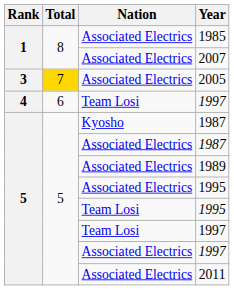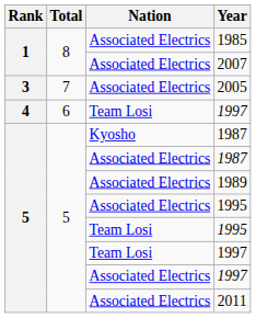 <table class="wikitable">
 <tr>
 <th>Rank</th>
 <th>Total</th>
 <th>Nation</th>
 <th>Year</th>
 </tr>
 <tr>
 <th rowspan="2">1</th>
 <td rowspan="2" style="text-align:center;">8</td>
 <td> <a href='#'>Associated Electrics</a></td>
 <td style="text-align:center;">1985</td>
 </tr>
 <tr>
 <td> <a href='#'>Associated Electrics</a></td>
 <td style="text-align:center;">2007</td>
 </tr>
 <tr>
 <th>3</th>
-<td style="background: gold; text-align:center;">7</td>
+<td style="text-align:center;">7</td>
 <td> <a href='#'>Associated Electrics</a></td>
 <td style="text-align:center;">2005</td>
 </tr>
 <tr>
 <th>4</th>
 <td style="text-align:center;">6</td>
 <td> <a href='#'>Team Losi</a></td>
 <td style="text-align:center;"><em>1997</em></td>
 </tr>
 <tr>
 <th rowspan="8">5</th>
 <td rowspan="8" style="text-align:center;">5</td>
 <td> <a href='#'>Kyosho</a></td>
 <td style="text-align:center;">1987</td>
 </tr>
 <tr>
 <td> <a href='#'>Associated Electrics</a></td>
 <td style="text-align:center;"><em>1987</em></td>
 </tr>
 <tr>
 <td> <a href='#'>Associated Electrics</a></td>
 <td style="text-align:center;">1989</td>
 </tr>
 <tr>
 <td> <a href='#'>Associated Electrics</a></td>
 <td style="text-align:center;">1995</td>
 </tr>
 <tr>
 <td> <a href='#'>Team Losi</a></td>
 <td style="text-align:center;"><em>1995</em></td>
 </tr>
 <tr>
 <td> <a href='#'>Team Losi</a></td>
 <td style="text-align:center;">1997</td>
 </tr>
 <tr>
 <td> <a href='#'>Associated Electrics</a></td>
 <td style="text-align:center;"><em>1997</em></td>
 </tr>
 <tr>
 <td> <a href='#'>Associated Electrics</a></td>
 <td style="text-align:center;">2011</td>
 </tr>
 </table>
